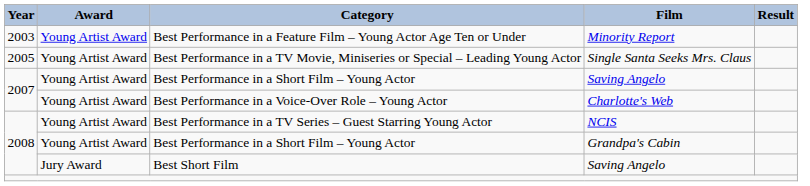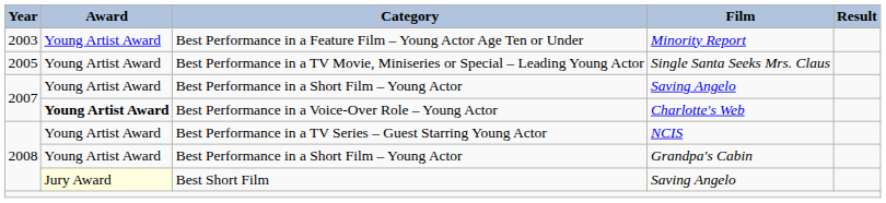 <table class="wikitable">
 <tr style="text-align:center;">
 <th style="background:#B0C4DE;">Year</th>
 <th style="background:#B0C4DE;">Award</th>
 <th style="background:#B0C4DE;">Category</th>
 <th style="background:#B0C4DE;">Film</th>
 <th style="background:#B0C4DE;">Result</th>
 </tr>
 <tr>
 <td rowspan="1">2003</td>
 <td><a href='#'>Young Artist Award</a></td>
 <td>Best Performance in a Feature Film – Young Actor Age Ten or Under</td>
 <td><em><a href='#'>Minority Report</a></em></td>
 <td></td>
 </tr>
 <tr>
 <td rowspan="1">2005</td>
 <td>Young Artist Award</td>
 <td>Best Performance in a TV Movie, Miniseries or Special – Leading Young Actor</td>
 <td><em>Single Santa Seeks Mrs. Claus</em></td>
 <td></td>
 </tr>
 <tr>
 <td rowspan="2">2007</td>
 <td>Young Artist Award</td>
 <td>Best Performance in a Short Film – Young Actor</td>
 <td><em><a href='#'>Saving Angelo</a></em></td>
 <td></td>
 </tr>
 <tr>
-<td>Young Artist Award</td>
+<td><strong>Young Artist Award</strong></td>
 <td>Best Performance in a Voice-Over Role – Young Actor</td>
 <td><em><a href='#'>Charlotte's Web</a></em></td>
 <td></td>
 </tr>
 <tr>
 <td rowspan="3">2008</td>
 <td>Young Artist Award</td>
 <td>Best Performance in a TV Series – Guest Starring Young Actor</td>
 <td><em><a href='#'>NCIS</a></em></td>
 <td></td>
 </tr>
 <tr>
 <td>Young Artist Award</td>
 <td>Best Performance in a Short Film – Young Actor</td>
 <td><em>Grandpa's Cabin</em></td>
 <td></td>
 </tr>
 <tr>
-<td>Jury Award</td>
+<td style="background: lightyellow;">Jury Award</td>
 <td>Best Short Film</td>
 <td><em>Saving Angelo</em></td>
 <td></td>
 </tr>
 <tr>
 <td style="text-align:center;" colspan="5"></td>
 </tr>
 </table>
